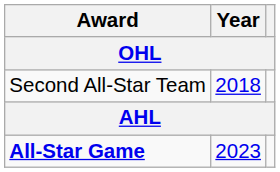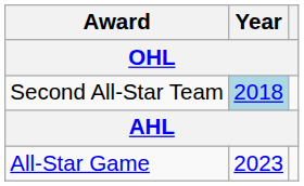 <table class="wikitable">
 <tr>
 <th>Award</th>
 <th>Year</th>
 <th></th>
 </tr>
 <tr ALIGN="center" bgcolor="#e0e0e0">
 <th colspan="3"><a href='#'>OHL</a></th>
 </tr>
 <tr>
 <td>Second All-Star Team</td>
-<td><a href='#'>2018</a></td>
+<td style="background: lightblue;"><a href='#'>2018</a></td>
 <td></td>
 </tr>
 <tr ALIGN="center" bgcolor="#e0e0e0">
 <th colspan="3"><a href='#'>AHL</a></th>
 </tr>
 <tr>
-<td><strong><a href='#'>All-Star Game</a></strong></td>
+<td><a href='#'>All-Star Game</a></td>
 <td><a href='#'>2023</a></td>
 <td></td>
 </tr>
 </table>
